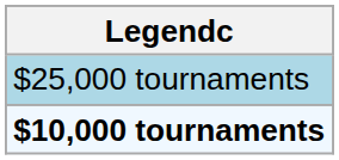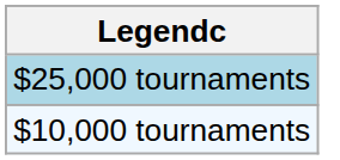 <table class="wikitable" style="font-size:85%;">
 <tr>
 <th>Legendc</th>
 </tr>
 <tr bgcolor="lightblue">
 <td>$25,000 tournaments</td>
 </tr>
 <tr bgcolor="#f0f8ff">
-<td><strong>$10,000 tournaments</strong></td>
+<td>$10,000 tournaments</td>
 </tr>
 </table>
